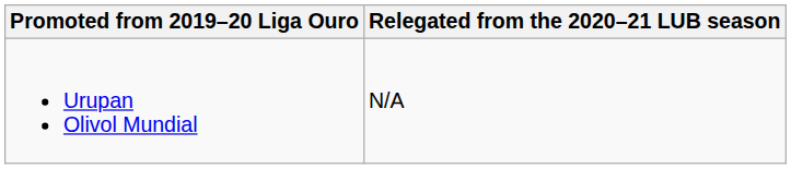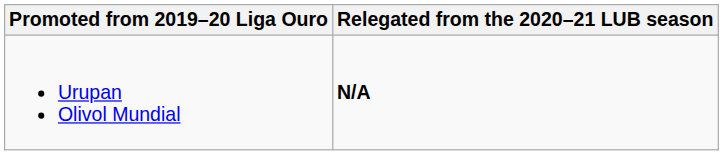 <table class="wikitable">
 <tr>
 <th> Promoted from 2019–20 Liga Ouro</th>
 <th> Relegated from the 2020–21 LUB season</th>
 </tr>
 <tr>
 <td><br><ul><li><a href='#'>Urupan</a></li><li><a href='#'>Olivol Mundial</a></li></ul></td>
-<td>N/A</td>
+<td><strong>N/A</strong></td>
 </tr>
 </table>
